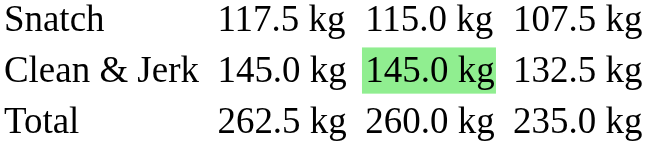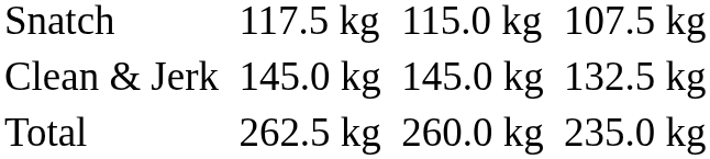 <table>
 <tr>
 <td>Snatch</td>
 <td></td>
 <td>117.5 kg</td>
 <td></td>
 <td>115.0 kg</td>
 <td></td>
 <td>107.5 kg</td>
 </tr>
 <tr>
 <td>Clean & Jerk</td>
 <td></td>
 <td>145.0 kg</td>
 <td></td>
-<td style="background: lightgreen;">145.0 kg</td>
+<td>145.0 kg</td>
 <td></td>
 <td>132.5 kg</td>
 </tr>
 <tr>
 <td>Total</td>
 <td></td>
 <td>262.5 kg</td>
 <td></td>
 <td>260.0 kg</td>
 <td></td>
 <td>235.0 kg</td>
 </tr>
 </table>
